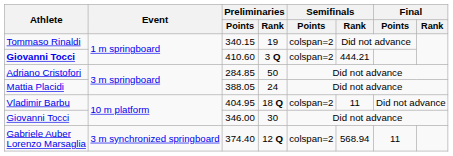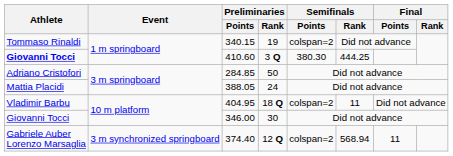 <table class=wikitable style="font-size:90%;">
 <tr>
 <th rowspan="2">Athlete</th>
 <th rowspan="2">Event</th>
 <th colspan="2">Preliminaries</th>
 <th colspan="2">Semifinals</th>
 <th colspan="2">Final</th>
 </tr>
 <tr style="font-size:95%">
 <th>Points</th>
 <th>Rank</th>
 <th>Points</th>
 <th>Rank</th>
 <th>Points</th>
 <th>Rank</th>
 </tr>
 <tr align=center>
 <td align=left><a href='#'>Tommaso Rinaldi</a></td>
 <td align=left rowspan=2><a href='#'>1 m springboard</a></td>
 <td>340.15</td>
 <td>19</td>
 <td>colspan=2 </td>
 <td colspan=2>Did not advance</td>
 </tr>
 <tr align=center>
 <td align=left><strong><a href='#'>Giovanni Tocci</a></strong></td>
 <td>410.60</td>
 <td>3 <strong>Q</strong></td>
-<td>colspan=2 </td>
-<td>444.21</td>
+<td>380.30</td>
+<td>444.25</td>
 <td></td>
 </tr>
 <tr align=center>
 <td align=left><a href='#'>Adriano Cristofori</a></td>
 <td align=left rowspan=2><a href='#'>3 m springboard</a></td>
 <td>284.85</td>
 <td>50</td>
 <td colspan=4>Did not advance</td>
 </tr>
 <tr align=center>
 <td align=left><a href='#'>Mattia Placidi</a></td>
 <td>388.05</td>
 <td>24</td>
 <td colspan=4>Did not advance</td>
 </tr>
 <tr align=center>
 <td align=left><a href='#'>Vladimir Barbu</a></td>
 <td align=left rowspan=2><a href='#'>10 m platform</a></td>
 <td>404.95</td>
 <td>18 <strong>Q</strong></td>
 <td>colspan=2 </td>
 <td>11</td>
 <td colspan=2>Did not advance</td>
 </tr>
 <tr align=center>
 <td align=left><a href='#'>Giovanni Tocci</a></td>
 <td>346.00</td>
 <td>30</td>
 <td colspan=4>Did not advance</td>
 </tr>
 <tr align=center>
 <td align=left><a href='#'>Gabriele Auber</a><br><a href='#'>Lorenzo Marsaglia</a></td>
 <td align=left><a href='#'>3 m synchronized springboard</a></td>
 <td>374.40</td>
 <td>12 <strong>Q</strong></td>
 <td>colspan=2 </td>
 <td>568.94</td>
 <td>11</td>
 </tr>
 </table>
